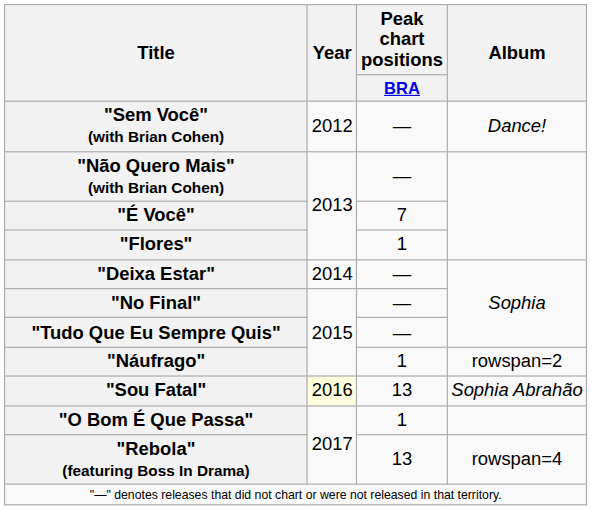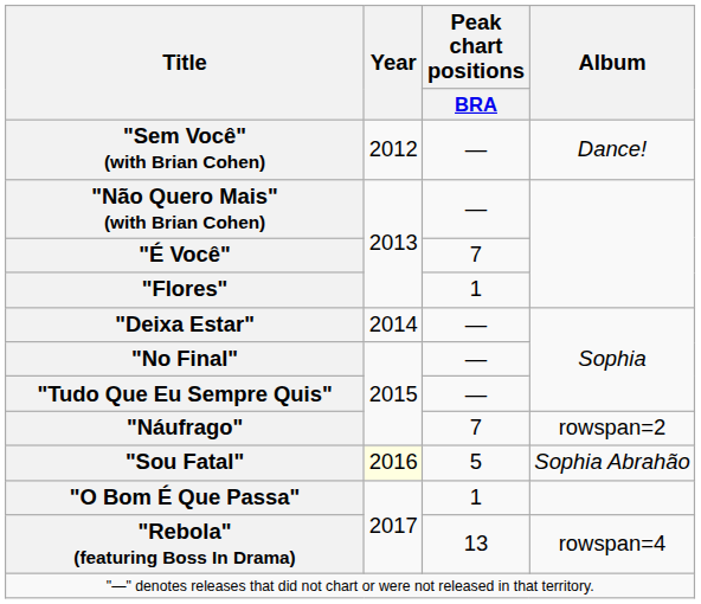 <table class="wikitable plainrowheaders" style="text-align:center;" border="1">
 <tr>
 <th scope="col" rowspan="2" style="width:16em;">Title</th>
 <th scope="col" rowspan="2">Year</th>
 <th scope="col" colspan="1">Peak<br>chart<br>positions</th>
 <th scope="col" rowspan="2">Album</th>
 </tr>
 <tr>
 <th scope="col" style="width:3em;font-size:90%;"><a href='#'>BRA</a></th>
 </tr>
 <tr>
 <th scope="row">"Sem Você"<br><small>(with Brian Cohen)</small><br></th>
 <td>2012</td>
 <td>—</td>
 <td><em>Dance!</em></td>
 </tr>
 <tr>
 <th scope="row">"Não Quero Mais"<br><small>(with Brian Cohen)</small><br></th>
 <td rowspan=3>2013</td>
 <td>—</td>
 </tr>
 <tr>
 <th scope="row">"É Você"</th>
 <td>7</td>
 </tr>
 <tr>
 <th scope="row">"Flores"</th>
 <td>1</td>
 </tr>
 <tr>
 <th scope="row">"Deixa Estar"</th>
 <td>2014</td>
 <td>—</td>
 <td rowspan=3><em>Sophia</em></td>
 </tr>
 <tr>
 <th scope="row">"No Final"</th>
 <td rowspan=3>2015</td>
 <td>—</td>
 </tr>
 <tr>
 <th scope="row">"Tudo Que Eu Sempre Quis"</th>
 <td>—</td>
 </tr>
 <tr>
 <th scope="row">"Náufrago"</th>
-<td>1</td>
+<td>7</td>
 <td>rowspan=2 </td>
 </tr>
 <tr>
 <th scope="row">"Sou Fatal"</th>
 <td style="background: lightyellow;">2016</td>
-<td>13</td>
+<td>5</td>
 <td><em>Sophia Abrahão</em></td>
 </tr>
 <tr>
 <th scope="row">"O Bom É Que Passa"</th>
 <td rowspan=2>2017</td>
 <td>1</td>
 </tr>
 <tr>
 <th scope="row">"Rebola"<br><small>(featuring Boss In Drama)</small></th>
 <td>13</td>
 <td>rowspan=4 </td>
 </tr>
 <tr>
 <td colspan="4" align="center" style="font-size:8pt">"—" denotes releases that did not chart or were not released in that territory.</td>
 </tr>
 </table>
